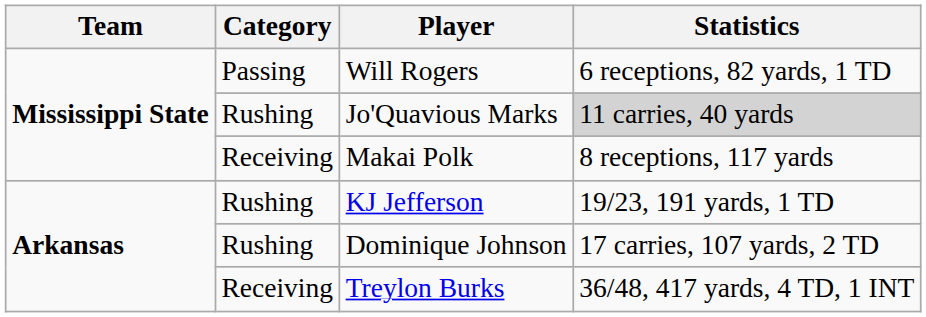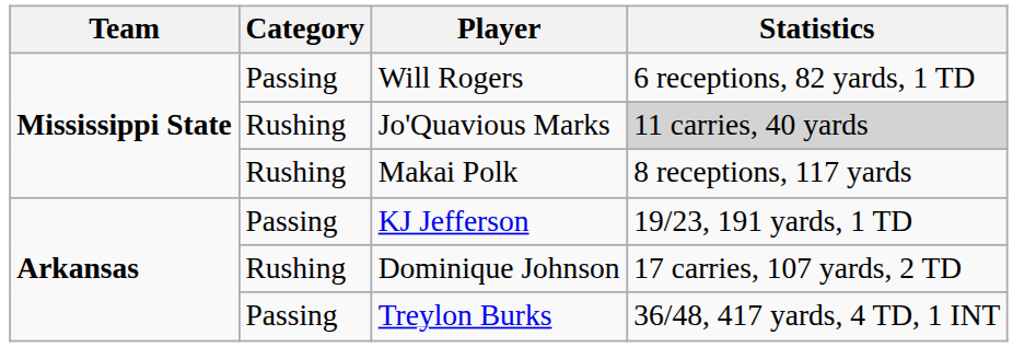 <table class="wikitable" style="float: right;">
 <tr>
 <th>Team</th>
 <th>Category</th>
 <th>Player</th>
 <th>Statistics</th>
 </tr>
 <tr>
 <td rowspan=3><strong>Mississippi State</strong></td>
 <td>Passing</td>
 <td>Will Rogers</td>
 <td>6 receptions, 82 yards, 1 TD</td>
 </tr>
 <tr>
 <td>Rushing</td>
 <td>Jo'Quavious Marks</td>
 <td style="background: lightgrey;">11 carries, 40 yards</td>
 </tr>
 <tr>
-<td>Receiving</td>
+<td>Rushing</td>
 <td>Makai Polk</td>
 <td>8 receptions, 117 yards</td>
 </tr>
 <tr>
 <td rowspan=3><strong>Arkansas</strong></td>
-<td>Rushing</td>
+<td>Passing</td>
 <td><a href='#'>KJ Jefferson</a></td>
 <td>19/23, 191 yards, 1 TD</td>
 </tr>
 <tr>
 <td>Rushing</td>
 <td>Dominique Johnson</td>
 <td>17 carries, 107 yards, 2 TD</td>
 </tr>
 <tr>
-<td>Receiving</td>
+<td>Passing</td>
 <td><a href='#'>Treylon Burks</a></td>
 <td>36/48, 417 yards, 4 TD, 1 INT</td>
 </tr>
 </table>
